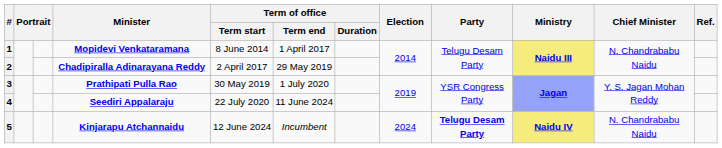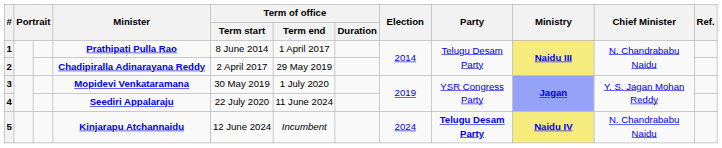 <table class="wikitable" style="line-height:1.4em; text-align:center">
 <tr>
 <th rowspan=2>#</th>
 <th rowspan=2 colspan="2">Portrait</th>
 <th rowspan=2 style="width:16em">Minister<br></th>
 <th colspan="3">Term of office</th>
 <th rowspan=2 style="width:5em">Election<br></th>
 <th rowspan=2 style="width:8em">Party</th>
 <th rowspan=2 style="width:8em">Ministry</th>
 <th rowspan=2 style="width:10em">Chief Minister</th>
 <th rowspan=2>Ref.</th>
 </tr>
 <tr>
 <th>Term start</th>
 <th>Term end</th>
 <th>Duration</th>
 </tr>
 <tr>
 <th>1</th>
 <td rowspan=2></td>
 <td></td>
-<td><strong><a href='#'>Mopidevi Venkataramana</a></strong><br></td>
+<td><strong><a href='#'>Prathipati Pulla Rao</a></strong><br></td>
 <td>8 June 2014</td>
 <td>1 April 2017</td>
 <td><strong></strong></td>
 <td rowspan=2><a href='#'>2014</a><br></td>
 <td rowspan=2><a href='#'>Telugu Desam Party</a></td>
 <td rowspan=2 bgcolor="#F5EC7D"><strong><a href='#'>Naidu III</a></strong></td>
 <td rowspan=2><a href='#'>N. Chandrababu Naidu</a></td>
 <td></td>
 </tr>
 <tr>
 <th>2</th>
 <td></td>
 <td><strong><a href='#'>Chadipiralla Adinarayana Reddy</a></strong><br></td>
 <td>2 April 2017</td>
 <td>29 May 2019</td>
 <td><strong></strong></td>
 <td></td>
 </tr>
 <tr>
 <th>3</th>
 <td rowspan=2></td>
 <td></td>
-<td><strong><a href='#'>Prathipati Pulla Rao</a></strong><br></td>
+<td><strong><a href='#'>Mopidevi Venkataramana</a></strong><br></td>
 <td>30 May 2019</td>
 <td>1 July 2020</td>
 <td><strong></strong></td>
 <td rowspan=2><a href='#'>2019</a><br></td>
 <td rowspan="2"><a href='#'>YSR Congress Party</a></td>
 <td rowspan=2 bgcolor="#94A2F7"><strong><a href='#'>Jagan</a></strong></td>
 <td rowspan="2"><a href='#'>Y. S. Jagan Mohan Reddy</a></td>
 <td></td>
 </tr>
 <tr>
 <th>4</th>
 <td></td>
 <td><strong><a href='#'>Seediri Appalaraju</a></strong><br></td>
 <td>22 July 2020</td>
 <td>11 June 2024</td>
 <td><strong></strong></td>
 <td></td>
 </tr>
 <tr>
 <th>5</th>
 <td></td>
 <td></td>
 <td><strong><a href='#'>Kinjarapu Atchannaidu</a></strong><br></td>
 <td>12 June 2024</td>
 <td><em>Incumbent</em></td>
 <td><strong></strong></td>
 <td><a href='#'>2024</a><br></td>
 <td><strong><a href='#'>Telugu Desam Party</a></strong></td>
 <td bgcolor="#F5EC7D"><strong><a href='#'>Naidu IV</a></strong></td>
 <td><a href='#'>N. Chandrababu Naidu</a></td>
 <td></td>
 </tr>
 </table>
